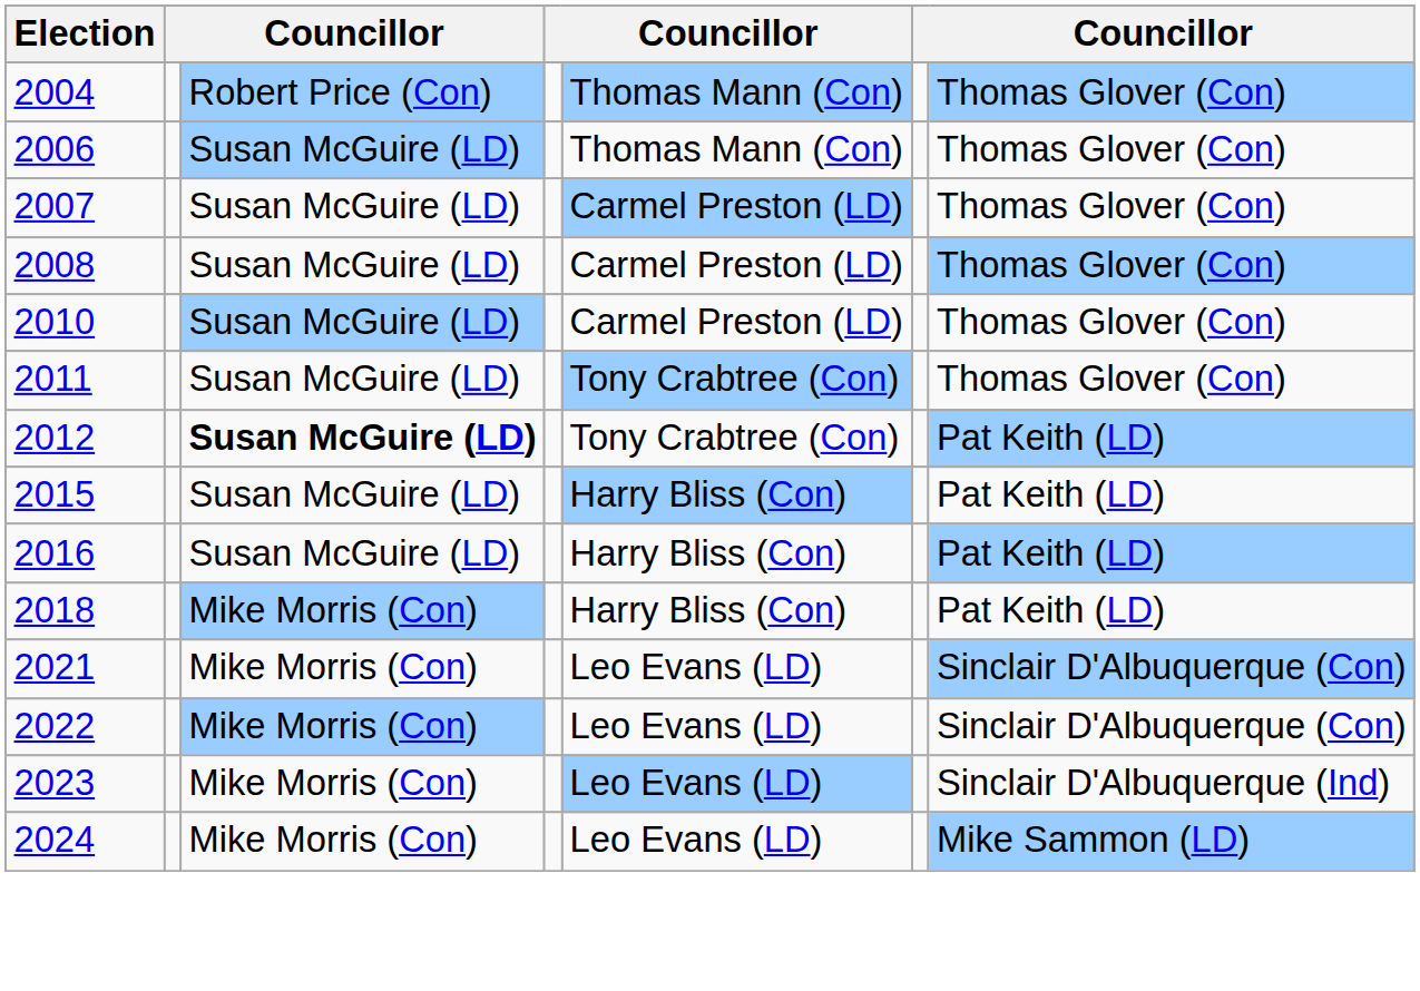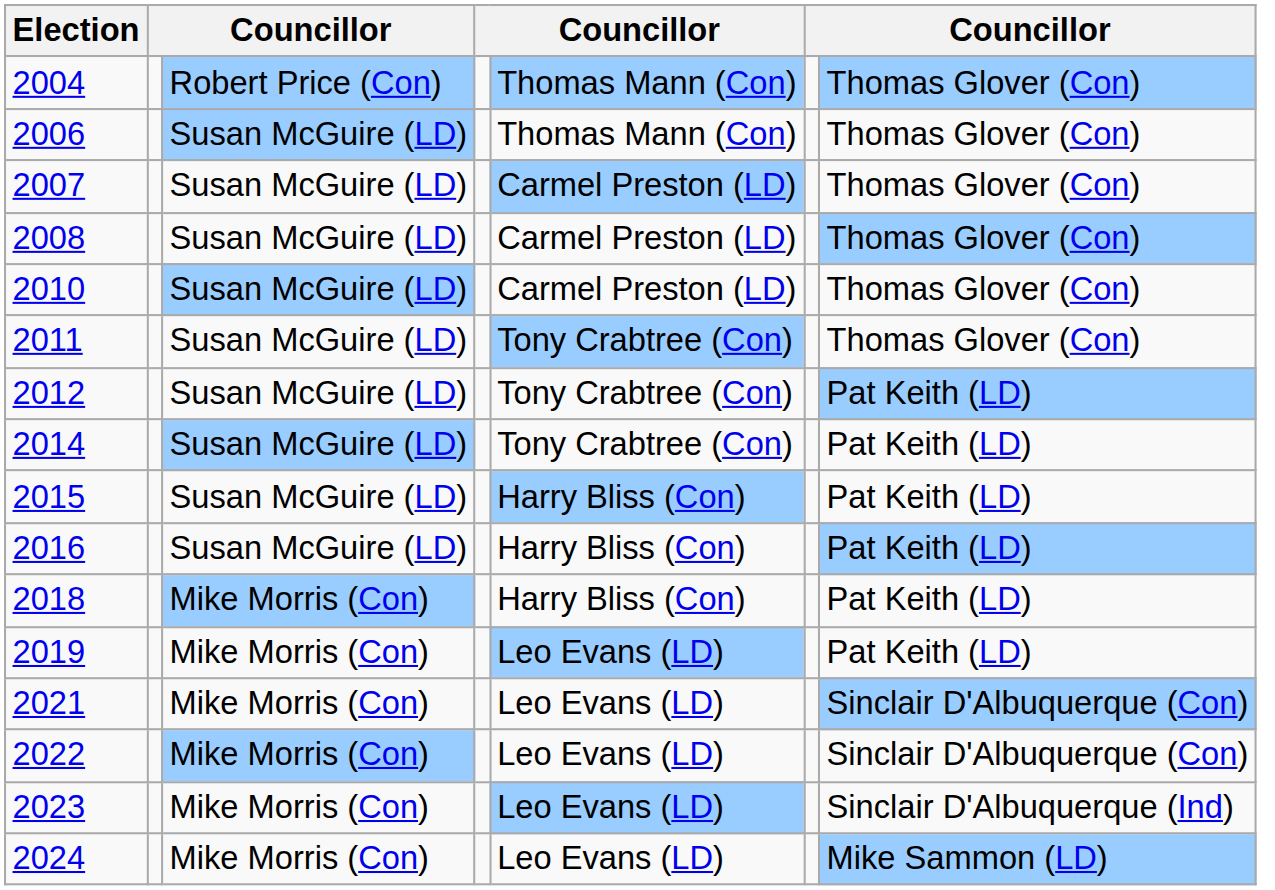 <table class="wikitable">
 <tr>
 <th>Election</th>
 <th colspan="2">Councillor</th>
 <th colspan="2">Councillor</th>
 <th colspan="2">Councillor</th>
 </tr>
 <tr>
 <td><a href='#'>2004</a></td>
 <td style="background-color: "></td>
 <td bgcolor="#99CCFF">Robert Price (<a href='#'>Con</a>)</td>
 <td style="background-color: "></td>
 <td bgcolor="#99CCFF">Thomas Mann (<a href='#'>Con</a>)</td>
 <td style="background-color: "></td>
 <td bgcolor="#99CCFF">Thomas Glover (<a href='#'>Con</a>)</td>
 </tr>
 <tr>
 <td><a href='#'>2006</a></td>
 <td style="background-color: "></td>
 <td bgcolor="#99CCFF">Susan McGuire (<a href='#'>LD</a>)</td>
 <td style="background-color: "></td>
 <td>Thomas Mann (<a href='#'>Con</a>)</td>
 <td style="background-color: "></td>
 <td>Thomas Glover (<a href='#'>Con</a>)</td>
 </tr>
 <tr>
 <td><a href='#'>2007</a></td>
 <td style="background-color: "></td>
 <td>Susan McGuire (<a href='#'>LD</a>)</td>
 <td style="background-color: "></td>
 <td bgcolor="#99CCFF">Carmel Preston (<a href='#'>LD</a>)</td>
 <td style="background-color: "></td>
 <td>Thomas Glover (<a href='#'>Con</a>)</td>
 </tr>
 <tr>
 <td><a href='#'>2008</a></td>
 <td style="background-color: "></td>
 <td>Susan McGuire (<a href='#'>LD</a>)</td>
 <td style="background-color: "></td>
 <td>Carmel Preston (<a href='#'>LD</a>)</td>
 <td style="background-color: "></td>
 <td bgcolor="#99CCFF">Thomas Glover (<a href='#'>Con</a>)</td>
 </tr>
 <tr>
 <td><a href='#'>2010</a></td>
 <td style="background-color: "></td>
 <td bgcolor="#99CCFF">Susan McGuire (<a href='#'>LD</a>)</td>
 <td style="background-color: "></td>
 <td>Carmel Preston (<a href='#'>LD</a>)</td>
 <td style="background-color: "></td>
 <td>Thomas Glover (<a href='#'>Con</a>)</td>
 </tr>
 <tr>
 <td><a href='#'>2011</a></td>
 <td style="background-color: "></td>
 <td>Susan McGuire (<a href='#'>LD</a>)</td>
 <td style="background-color: "></td>
 <td bgcolor="#99CCFF">Tony Crabtree (<a href='#'>Con</a>)</td>
 <td style="background-color: "></td>
 <td>Thomas Glover (<a href='#'>Con</a>)</td>
 </tr>
 <tr>
 <td><a href='#'>2012</a></td>
 <td style="background-color: "></td>
-<td><strong>Susan McGuire (<a href='#'>LD</a>)</strong></td>
+<td>Susan McGuire (<a href='#'>LD</a>)</td>
 <td style="background-color: "></td>
 <td>Tony Crabtree (<a href='#'>Con</a>)</td>
 <td style="background-color: "></td>
 <td bgcolor="#99CCFF">Pat Keith (<a href='#'>LD</a>)</td>
+</tr>
+<tr>
+<td><a href='#'>2014</a></td>
+<td style="background-color: "></td>
+<td bgcolor="#99CCFF">Susan McGuire (<a href='#'>LD</a>)</td>
+<td style="background-color: "></td>
+<td>Tony Crabtree (<a href='#'>Con</a>)</td>
+<td style="background-color: "></td>
+<td>Pat Keith (<a href='#'>LD</a>)</td>
 </tr>
 <tr>
 <td><a href='#'>2015</a></td>
 <td style="background-color: "></td>
 <td>Susan McGuire (<a href='#'>LD</a>)</td>
 <td style="background-color: "></td>
 <td bgcolor="#99CCFF">Harry Bliss (<a href='#'>Con</a>)</td>
 <td style="background-color: "></td>
 <td>Pat Keith (<a href='#'>LD</a>)</td>
 </tr>
 <tr>
 <td><a href='#'>2016</a></td>
 <td style="background-color: "></td>
 <td>Susan McGuire (<a href='#'>LD</a>)</td>
 <td style="background-color: "></td>
 <td>Harry Bliss (<a href='#'>Con</a>)</td>
 <td style="background-color: "></td>
 <td bgcolor="#99CCFF">Pat Keith (<a href='#'>LD</a>)</td>
 </tr>
 <tr>
 <td><a href='#'>2018</a></td>
 <td style="background-color: "></td>
 <td bgcolor="#99CCFF">Mike Morris (<a href='#'>Con</a>)</td>
 <td style="background-color: "></td>
 <td>Harry Bliss (<a href='#'>Con</a>)</td>
+<td style="background-color: "></td>
+<td>Pat Keith (<a href='#'>LD</a>)</td>
+</tr>
+<tr>
+<td><a href='#'>2019</a></td>
+<td style="background-color: "></td>
+<td>Mike Morris (<a href='#'>Con</a>)</td>
+<td style="background-color: "></td>
+<td bgcolor="#99CCFF">Leo Evans (<a href='#'>LD</a>)</td>
 <td style="background-color: "></td>
 <td>Pat Keith (<a href='#'>LD</a>)</td>
 </tr>
 <tr>
 <td><a href='#'>2021</a></td>
 <td style="background-color: "></td>
 <td>Mike Morris (<a href='#'>Con</a>)</td>
 <td style="background-color: "></td>
 <td>Leo Evans (<a href='#'>LD</a>)</td>
 <td style="background-color: "></td>
 <td bgcolor="#99CCFF">Sinclair D'Albuquerque (<a href='#'>Con</a>)</td>
 </tr>
 <tr>
 <td><a href='#'>2022</a></td>
 <td style="background-color: "></td>
 <td bgcolor="#99CCFF">Mike Morris (<a href='#'>Con</a>)</td>
 <td style="background-color: "></td>
 <td>Leo Evans (<a href='#'>LD</a>)</td>
 <td style="background-color: "></td>
 <td>Sinclair D'Albuquerque (<a href='#'>Con</a>)</td>
 </tr>
 <tr>
 <td><a href='#'>2023</a></td>
 <td style="background-color: "></td>
 <td>Mike Morris (<a href='#'>Con</a>)</td>
 <td style="background-color: "></td>
 <td bgcolor="#99CCFF">Leo Evans (<a href='#'>LD</a>)</td>
 <td style="background-color: "></td>
 <td>Sinclair D'Albuquerque (<a href='#'>Ind</a>)</td>
 </tr>
 <tr>
 <td><a href='#'>2024</a></td>
 <td style="background-color: "></td>
 <td>Mike Morris (<a href='#'>Con</a>)</td>
 <td style="background-color: "></td>
 <td>Leo Evans (<a href='#'>LD</a>)</td>
 <td style="background-color: "></td>
 <td bgcolor="#99CCFF">Mike Sammon (<a href='#'>LD</a>)</td>
 </tr>
 </table>
